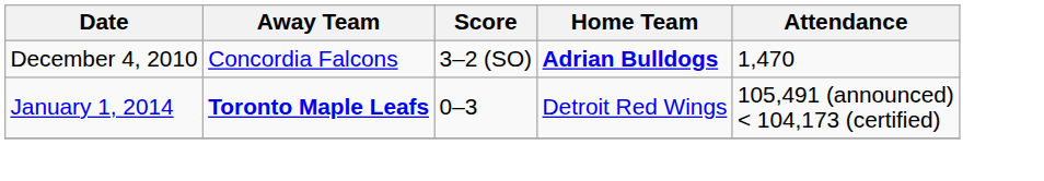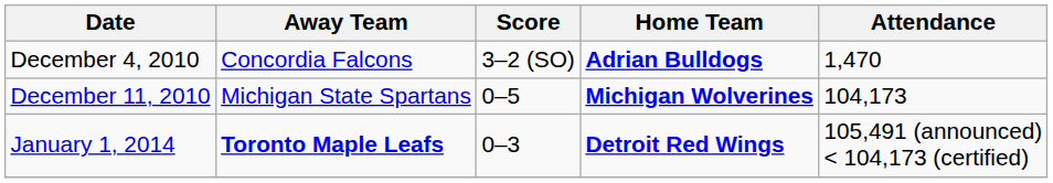 <table class="wikitable">
 <tr>
 <th>Date</th>
 <th>Away Team</th>
 <th>Score</th>
 <th>Home Team</th>
 <th>Attendance</th>
 </tr>
 <tr>
 <td>December 4, 2010</td>
 <td><a href='#'>Concordia Falcons</a></td>
 <td>3–2 (SO)</td>
 <td><strong><a href='#'>Adrian Bulldogs</a></strong></td>
 <td>1,470</td>
 </tr>
 <tr>
+<td><a href='#'>December 11, 2010</a></td>
+<td><a href='#'>Michigan State Spartans</a></td>
+<td>0–5</td>
+<td><strong><a href='#'>Michigan Wolverines</a></strong></td>
+<td>104,173</td>
+</tr>
+<tr>
 <td><a href='#'>January 1, 2014</a></td>
 <td><strong><a href='#'>Toronto Maple Leafs</a></strong></td>
 <td>0–3</td>
-<td><a href='#'>Detroit Red Wings</a></td>
+<td><strong><a href='#'>Detroit Red Wings</a></strong></td>
 <td>105,491 (announced)<br>< 104,173 (certified)</td>
 </tr>
 <tr>
 </tr>
 </table>
